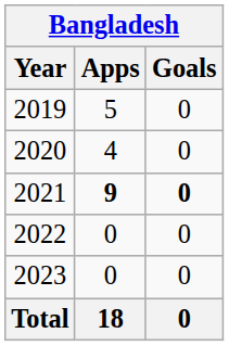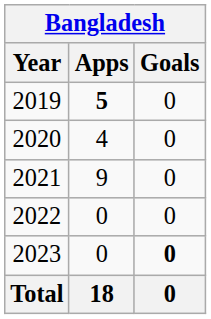 <table class="wikitable" style="text-align:center">
 <tr>
 <th colspan=4><a href='#'>Bangladesh</a></th>
 </tr>
 <tr>
 <th>Year</th>
 <th>Apps</th>
 <th>Goals</th>
 </tr>
 <tr>
 <td>2019</td>
-<td>5</td>
+<td><strong>5</strong></td>
 <td>0</td>
 </tr>
 <tr>
 <td>2020</td>
 <td>4</td>
 <td>0</td>
 </tr>
 <tr>
 <td>2021</td>
-<td><strong>9</strong></td>
-<td><strong>0</strong></td>
+<td>9</td>
+<td>0</td>
 </tr>
 <tr>
 <td>2022</td>
 <td>0</td>
 <td>0</td>
 </tr>
 <tr>
 <td>2023</td>
 <td>0</td>
-<td>0</td>
+<td><strong>0</strong></td>
 </tr>
 <tr>
 <th>Total</th>
 <th>18</th>
 <th>0</th>
 </tr>
 </table>
